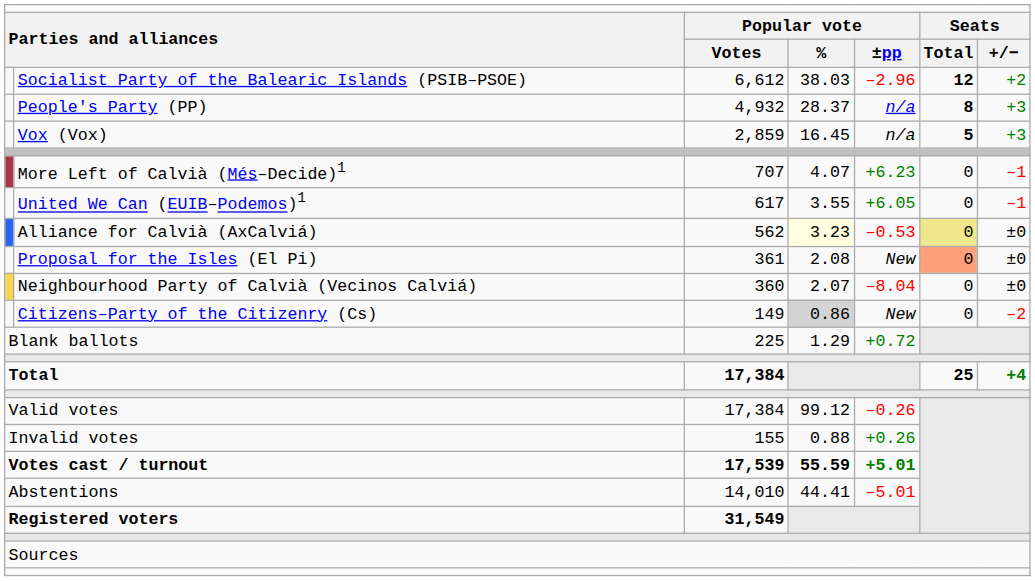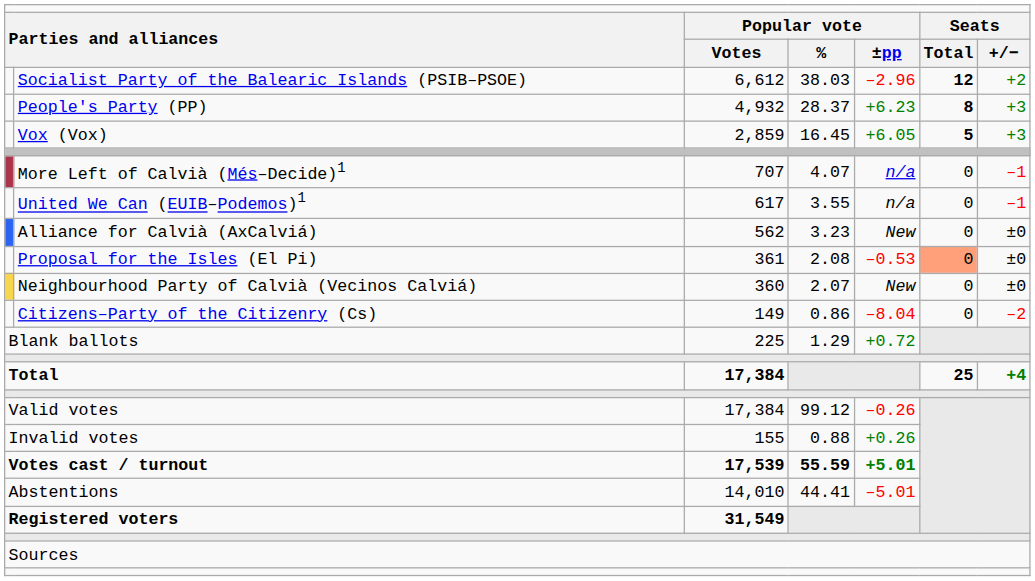 <table class="wikitable" style="text-align:right;">
 <tr>
 <td colspan="7"></td>
 </tr>
 <tr>
 <th style="text-align:left;" rowspan="2" colspan="2" width="525">Parties and alliances</th>
 <th colspan="3">Popular vote</th>
 <th colspan="2">Seats</th>
 </tr>
 <tr>
 <th width="75">Votes</th>
 <th width="45">%</th>
 <th width="45">±<a href='#'>pp</a></th>
 <th width="35">Total</th>
 <th width="35">+/−</th>
 </tr>
 <tr>
 <td width="1" style="color:inherit;background:"></td>
 <td align="left"><a href='#'>Socialist Party of the Balearic Islands</a> (PSIB–PSOE)</td>
 <td>6,612</td>
 <td>38.03</td>
 <td style="color:red;">–2.96</td>
 <td><strong>12</strong></td>
 <td style="color:green;">+2</td>
 </tr>
 <tr>
 <td style="color:inherit;background:"></td>
 <td align="left"><a href='#'>People's Party</a> (PP)</td>
 <td>4,932</td>
 <td>28.37</td>
-<td><em><a href='#'>n/a</a></em></td>
+<td style="color:green;">+6.23</td>
 <td><strong>8</strong></td>
 <td style="color:green;">+3</td>
 </tr>
 <tr>
 <td style="color:inherit;background:"></td>
 <td align="left"><a href='#'>Vox</a> (Vox)</td>
 <td>2,859</td>
 <td>16.45</td>
-<td><em>n/a</em></td>
+<td style="color:green;">+6.05</td>
 <td><strong>5</strong></td>
 <td style="color:green;">+3</td>
 </tr>
 <tr>
 <td colspan="7" bgcolor="#C0C0C0"></td>
 </tr>
 <tr>
 <td bgcolor="#AD354B"></td>
 <td align="left">More Left of Calvià (<a href='#'>Més</a>–Decide)<sup>1</sup></td>
 <td>707</td>
 <td>4.07</td>
-<td style="color:green;">+6.23</td>
+<td><em><a href='#'>n/a</a></em></td>
 <td>0</td>
 <td style="color:red;">–1</td>
 </tr>
 <tr>
 <td style="color:inherit;background:"></td>
 <td align="left"><a href='#'>United We Can</a> (<a href='#'>EUIB</a>–<a href='#'>Podemos</a>)<sup>1</sup></td>
 <td>617</td>
 <td>3.55</td>
-<td style="color:green;">+6.05</td>
+<td><em>n/a</em></td>
 <td>0</td>
 <td style="color:red;">–1</td>
 </tr>
 <tr>
 <td bgcolor="#2B64F3"></td>
 <td align="left">Alliance for Calvià (AxCalviá)</td>
 <td>562</td>
-<td style="background: lightyellow;">3.23</td>
-<td style="color:red;">–0.53</td>
-<td style="background: khaki;">0</td>
+<td>3.23</td>
+<td><em>New</em></td>
+<td>0</td>
 <td>±0</td>
 </tr>
 <tr>
 <td style="color:inherit;background:"></td>
 <td align="left"><a href='#'>Proposal for the Isles</a> (El Pi)</td>
 <td>361</td>
 <td>2.08</td>
-<td><em>New</em></td>
+<td style="color:red;">–0.53</td>
 <td style="background: lightsalmon;">0</td>
 <td>±0</td>
 </tr>
 <tr>
 <td bgcolor="#F8D74E"></td>
 <td align="left">Neighbourhood Party of Calvià (Vecinos Calviá)</td>
 <td>360</td>
 <td>2.07</td>
-<td style="color:red;">–8.04</td>
+<td><em>New</em></td>
 <td>0</td>
 <td>±0</td>
 </tr>
 <tr>
 <td style="color:inherit;background:"></td>
 <td align="left"><a href='#'>Citizens–Party of the Citizenry</a> (Cs)</td>
 <td>149</td>
-<td style="background: lightgrey;">0.86</td>
-<td><em>New</em></td>
+<td>0.86</td>
+<td style="color:red;">–8.04</td>
 <td>0</td>
 <td style="color:red;">–2</td>
 </tr>
 <tr>
 <td align="left" colspan="2">Blank ballots</td>
 <td>225</td>
 <td>1.29</td>
 <td style="color:green;">+0.72</td>
 <td bgcolor="#E9E9E9" colspan="2"></td>
 </tr>
 <tr>
 <td colspan="7" bgcolor="#E9E9E9"></td>
 </tr>
 <tr style="font-weight:bold;">
 <td align="left" colspan="2">Total</td>
 <td>17,384</td>
 <td bgcolor="#E9E9E9" colspan="2"></td>
 <td>25</td>
 <td style="color:green;">+4</td>
 </tr>
 <tr>
 <td colspan="7" bgcolor="#E9E9E9"></td>
 </tr>
 <tr>
 <td align="left" colspan="2">Valid votes</td>
 <td>17,384</td>
 <td>99.12</td>
 <td style="color:red;">–0.26</td>
 <td bgcolor="#E9E9E9" colspan="2" rowspan="5"></td>
 </tr>
 <tr>
 <td align="left" colspan="2">Invalid votes</td>
 <td>155</td>
 <td>0.88</td>
 <td style="color:green;">+0.26</td>
 </tr>
 <tr style="font-weight:bold;">
 <td align="left" colspan="2">Votes cast / turnout</td>
 <td>17,539</td>
 <td>55.59</td>
 <td style="color:green;">+5.01</td>
 </tr>
 <tr>
 <td align="left" colspan="2">Abstentions</td>
 <td>14,010</td>
 <td>44.41</td>
 <td style="color:red;">–5.01</td>
 </tr>
 <tr style="font-weight:bold;">
 <td align="left" colspan="2">Registered voters</td>
 <td>31,549</td>
 <td bgcolor="#E9E9E9" colspan="2"></td>
 </tr>
 <tr>
 <td colspan="7" bgcolor="#E9E9E9"></td>
 </tr>
 <tr>
 <td align="left" colspan="7">Sources</td>
 </tr>
 <tr>
 <td colspan="7" style="text-align:left; max-width:790px;"></td>
 </tr>
 </table>
